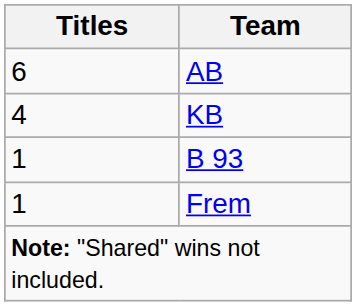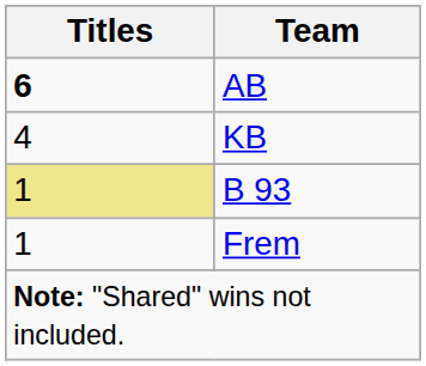 <table class="wikitable" width="200px">
 <tr>
 <th>Titles</th>
 <th>Team</th>
 </tr>
 <tr>
-<td>6</td>
+<td><strong>6</strong></td>
 <td><a href='#'>AB</a></td>
 </tr>
 <tr>
 <td>4</td>
 <td><a href='#'>KB</a></td>
 </tr>
 <tr>
-<td>1</td>
+<td style="background: khaki;">1</td>
 <td><a href='#'>B 93</a></td>
 </tr>
 <tr>
 <td>1</td>
 <td><a href='#'>Frem</a></td>
 </tr>
 <tr>
 <td colspan=2><small><strong>Note:</strong> "Shared" wins not included.</small></td>
 </tr>
 </table>
